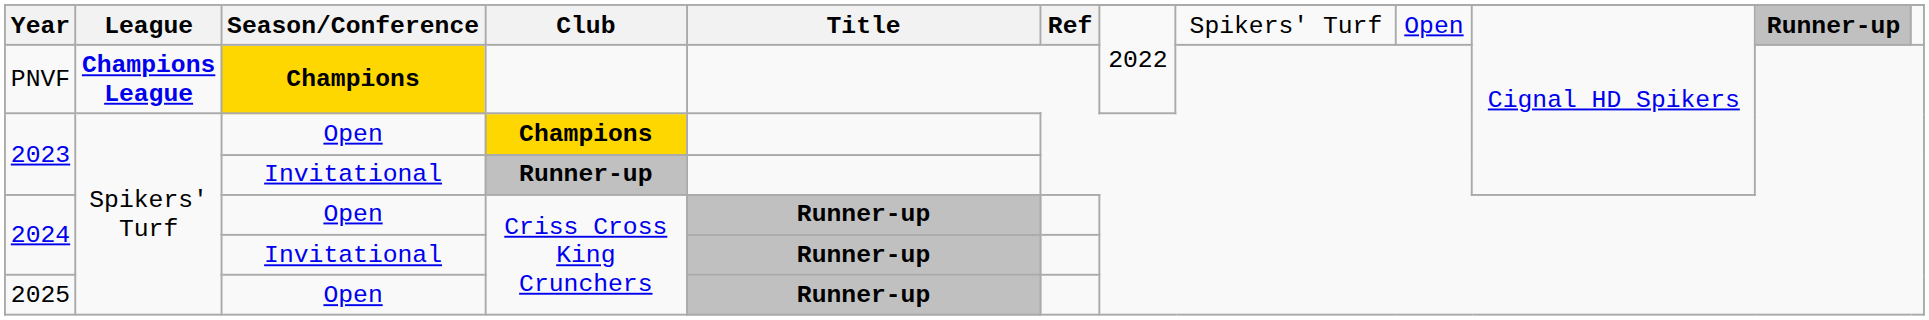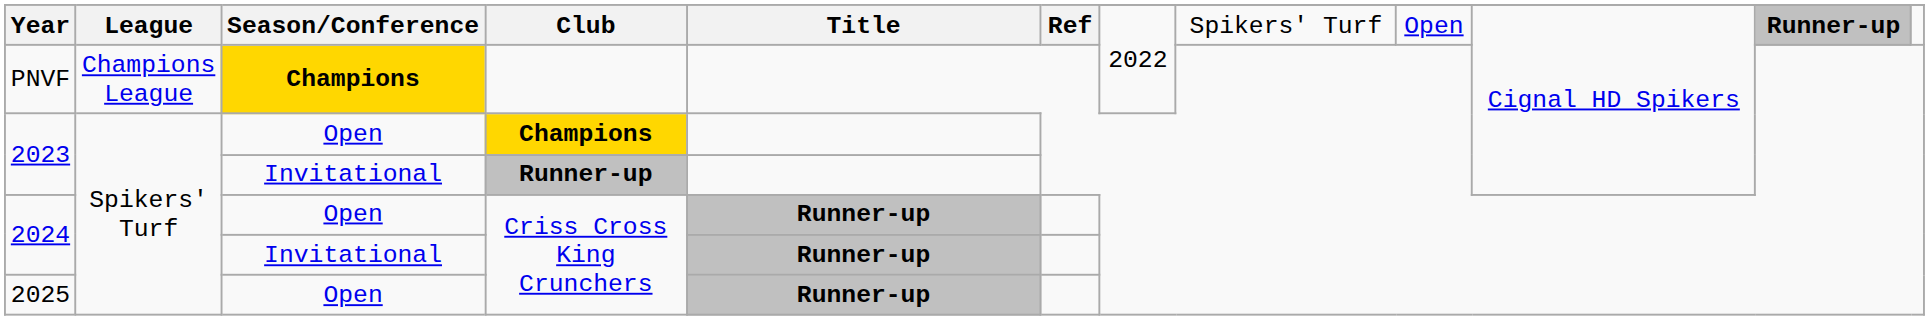 <table class="wikitable sortable" style="text-align:center" width="80%">
 <tr>
 <th style="width:5px;" rowspan="2">Year</th>
 <th style="width:25px;" rowspan="2">League</th>
 <th style="width:100px;" rowspan="2">Season/Conference</th>
 <th style="width:100px;" rowspan="2">Club</th>
 <th style="width:180px;" rowspan="2">Title</th>
 <th style="width:25px;" rowspan="2">Ref</th>
 </tr>
 <tr align=center>
 <td rowspan=2>2022</td>
 <td rowspan=1>Spikers' Turf</td>
 <td><a href='#'>Open</a></td>
 <td rowspan=4><a href='#'>Cignal HD Spikers</a></td>
 <td style="background:silver;"><strong>Runner-up</strong></td>
 <td></td>
 </tr>
 <tr align=center>
 <td>PNVF</td>
-<td><strong><a href='#'>Champions League</a></strong></td>
+<td><a href='#'>Champions League</a></td>
 <td style="background:gold"><strong>Champions</strong></td>
 <td></td>
 </tr>
 <tr align=center>
 <td rowspan=2><a href='#'>2023</a></td>
 <td rowspan=5>Spikers' Turf</td>
 <td><a href='#'>Open</a></td>
 <td style="background:gold;"><strong>Champions</strong></td>
 <td></td>
 </tr>
 <tr>
 <td><a href='#'>Invitational</a></td>
 <td style="background:silver;"><strong>Runner-up</strong></td>
 <td></td>
 </tr>
 <tr align=center>
 <td rowspan=2><a href='#'>2024</a></td>
 <td><a href='#'>Open</a></td>
 <td rowspan=3><a href='#'>Criss Cross King Crunchers</a></td>
 <td style="background:silver;"><strong>Runner-up</strong></td>
 <td></td>
 </tr>
 <tr>
 <td><a href='#'>Invitational</a></td>
 <td style="background:silver;"><strong>Runner-up</strong></td>
 <td></td>
 </tr>
 <tr align=center>
 <td rowspan=1>2025</td>
 <td><a href='#'>Open</a></td>
 <td style="background:silver;"><strong>Runner-up</strong></td>
 <td></td>
 </tr>
 </table>
